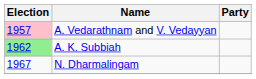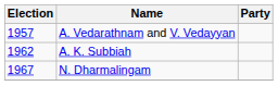 <table class="wikitable sortable">
 <tr>
 <th>Election</th>
 <th>Name</th>
 <th colspan=2>Party</th>
 </tr>
 <tr>
-<td style="background: pink;"><a href='#'>1957</a></td>
+<td><a href='#'>1957</a></td>
 <td><a href='#'>A. Vedarathnam</a> and <a href='#'>V. Vedayyan</a></td>
 <td></td>
 </tr>
 <tr>
-<td style="background: lightgreen;"><a href='#'>1962</a></td>
+<td><a href='#'>1962</a></td>
 <td><a href='#'>A. K. Subbiah</a></td>
 <td></td>
 </tr>
 <tr>
 <td><a href='#'>1967</a></td>
 <td><a href='#'>N. Dharmalingam</a></td>
 <td></td>
 </tr>
 <tr>
 </tr>
 </table>
